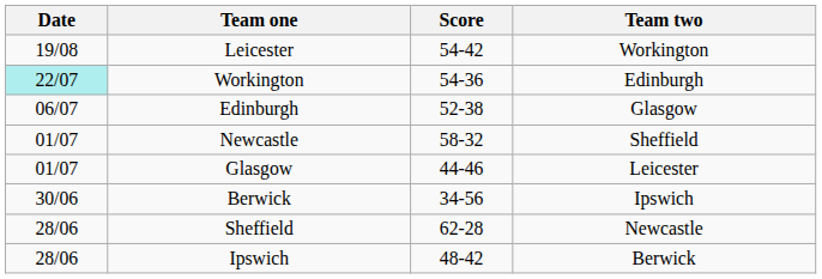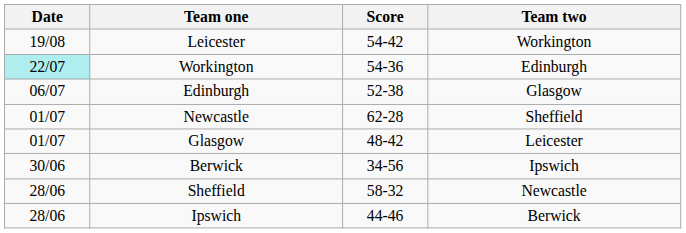 <table class="wikitable" style="text-align: center">
 <tr>
 <th width=80>Date</th>
 <th width=250>Team one</th>
 <th width=80>Score</th>
 <th width=250>Team two</th>
 </tr>
 <tr>
 <td>19/08</td>
 <td>Leicester</td>
 <td>54-42</td>
 <td>Workington</td>
 </tr>
 <tr>
 <td style="background: paleturquoise;">22/07</td>
 <td>Workington</td>
 <td>54-36</td>
 <td>Edinburgh</td>
 </tr>
 <tr>
 <td>06/07</td>
 <td>Edinburgh</td>
 <td>52-38</td>
 <td>Glasgow</td>
 </tr>
 <tr>
 <td>01/07</td>
 <td>Newcastle</td>
-<td>58-32</td>
+<td>62-28</td>
 <td>Sheffield</td>
 </tr>
 <tr>
 <td>01/07</td>
 <td>Glasgow</td>
-<td>44-46</td>
+<td>48-42</td>
 <td>Leicester</td>
 </tr>
 <tr>
 <td>30/06</td>
 <td>Berwick</td>
 <td>34-56</td>
 <td>Ipswich</td>
 </tr>
 <tr>
 <td>28/06</td>
 <td>Sheffield</td>
-<td>62-28</td>
+<td>58-32</td>
 <td>Newcastle</td>
 </tr>
 <tr>
 <td>28/06</td>
 <td>Ipswich</td>
-<td>48-42</td>
+<td>44-46</td>
 <td>Berwick</td>
 </tr>
 </table>
